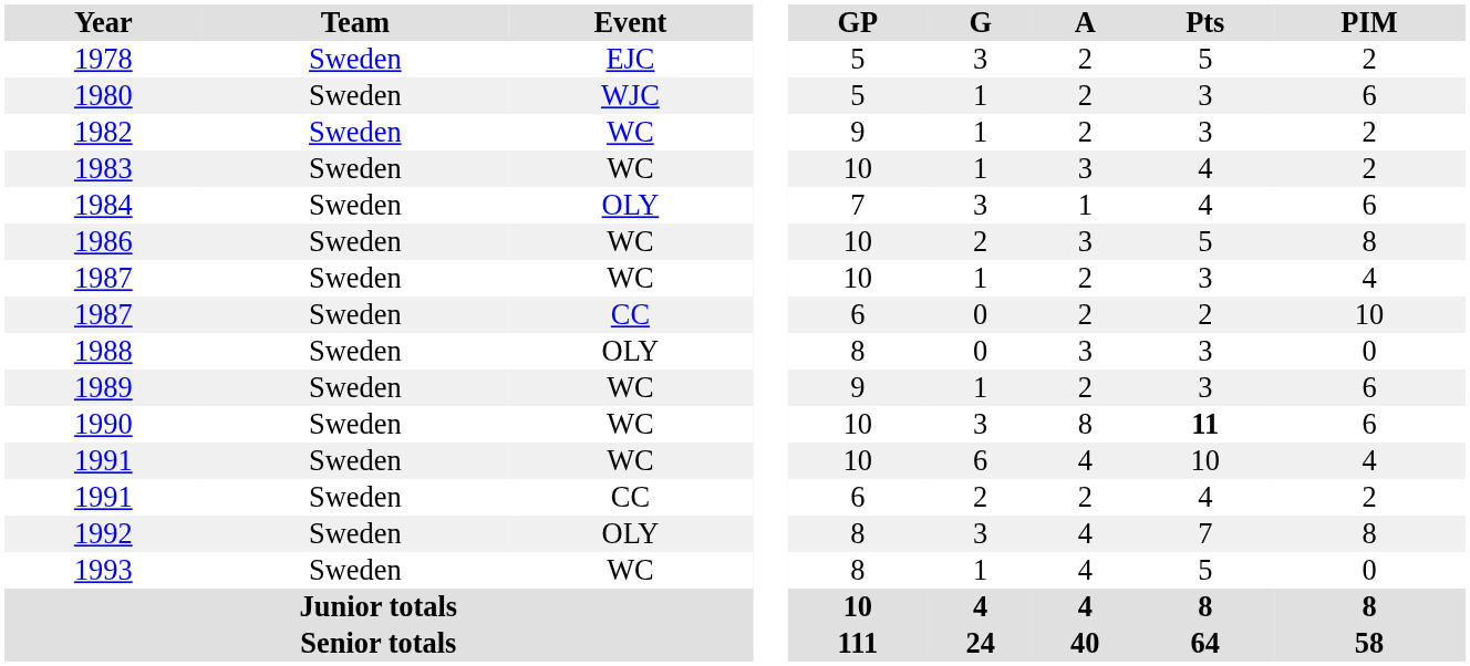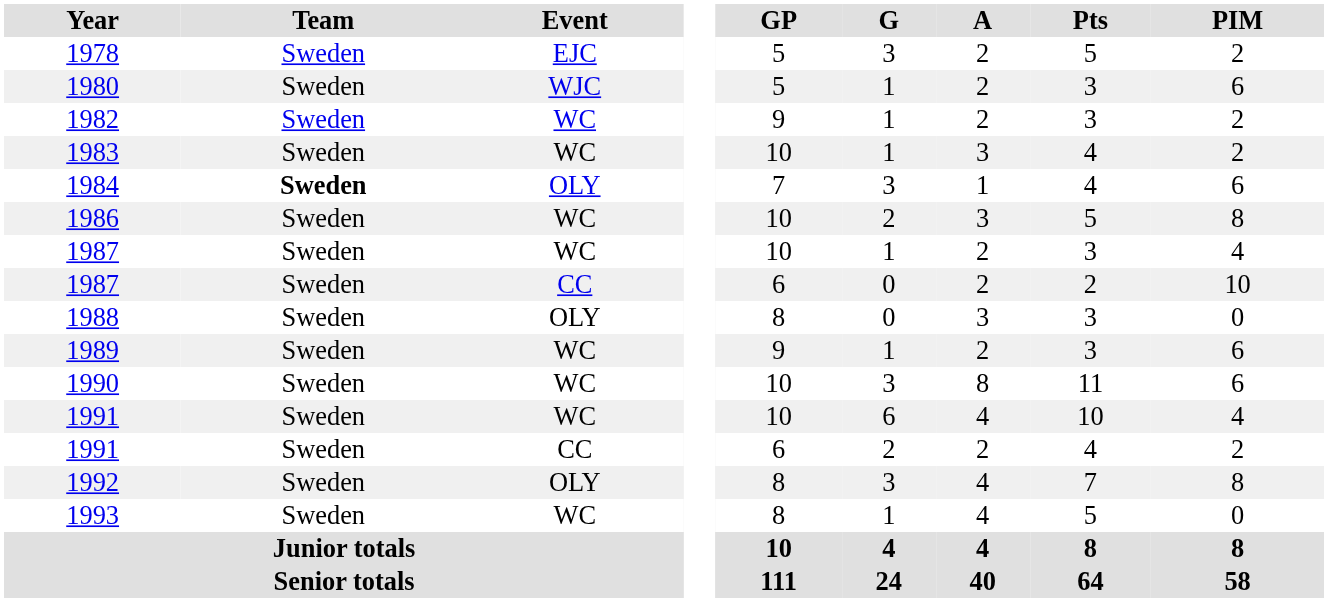 <table border="0" cellpadding="1" cellspacing="0" style="text-align:center; width:50em">
 <tr ALIGN="center" bgcolor="#e0e0e0">
 <th>Year</th>
 <th>Team</th>
 <th>Event</th>
 <th rowspan="99" bgcolor="#ffffff"> </th>
 <th>GP</th>
 <th>G</th>
 <th>A</th>
 <th>Pts</th>
 <th>PIM</th>
 </tr>
 <tr>
 <td><a href='#'>1978</a></td>
 <td><a href='#'>Sweden</a></td>
 <td><a href='#'>EJC</a></td>
 <td>5</td>
 <td>3</td>
 <td>2</td>
 <td>5</td>
 <td>2</td>
 </tr>
 <tr bgcolor="#f0f0f0">
 <td><a href='#'>1980</a></td>
 <td>Sweden</td>
 <td><a href='#'>WJC</a></td>
 <td>5</td>
 <td>1</td>
 <td>2</td>
 <td>3</td>
 <td>6</td>
 </tr>
 <tr>
 <td><a href='#'>1982</a></td>
 <td><a href='#'>Sweden</a></td>
 <td><a href='#'>WC</a></td>
 <td>9</td>
 <td>1</td>
 <td>2</td>
 <td>3</td>
 <td>2</td>
 </tr>
 <tr bgcolor="#f0f0f0">
 <td><a href='#'>1983</a></td>
 <td>Sweden</td>
 <td>WC</td>
 <td>10</td>
 <td>1</td>
 <td>3</td>
 <td>4</td>
 <td>2</td>
 </tr>
 <tr>
 <td><a href='#'>1984</a></td>
-<td>Sweden</td>
+<td><strong>Sweden</strong></td>
 <td><a href='#'>OLY</a></td>
 <td>7</td>
 <td>3</td>
 <td>1</td>
 <td>4</td>
 <td>6</td>
 </tr>
 <tr bgcolor="#f0f0f0">
 <td><a href='#'>1986</a></td>
 <td>Sweden</td>
 <td>WC</td>
 <td>10</td>
 <td>2</td>
 <td>3</td>
 <td>5</td>
 <td>8</td>
 </tr>
 <tr>
 <td><a href='#'>1987</a></td>
 <td>Sweden</td>
 <td>WC</td>
 <td>10</td>
 <td>1</td>
 <td>2</td>
 <td>3</td>
 <td>4</td>
 </tr>
 <tr bgcolor="#f0f0f0">
 <td><a href='#'>1987</a></td>
 <td>Sweden</td>
 <td><a href='#'>CC</a></td>
 <td>6</td>
 <td>0</td>
 <td>2</td>
 <td>2</td>
 <td>10</td>
 </tr>
 <tr>
 <td><a href='#'>1988</a></td>
 <td>Sweden</td>
 <td>OLY</td>
 <td>8</td>
 <td>0</td>
 <td>3</td>
 <td>3</td>
 <td>0</td>
 </tr>
 <tr bgcolor="#f0f0f0">
 <td><a href='#'>1989</a></td>
 <td>Sweden</td>
 <td>WC</td>
 <td>9</td>
 <td>1</td>
 <td>2</td>
 <td>3</td>
 <td>6</td>
 </tr>
 <tr>
 <td><a href='#'>1990</a></td>
 <td>Sweden</td>
 <td>WC</td>
 <td>10</td>
 <td>3</td>
 <td>8</td>
-<td><strong>11</strong></td>
+<td>11</td>
 <td>6</td>
 </tr>
 <tr bgcolor="#f0f0f0">
 <td><a href='#'>1991</a></td>
 <td>Sweden</td>
 <td>WC</td>
 <td>10</td>
 <td>6</td>
 <td>4</td>
 <td>10</td>
 <td>4</td>
 </tr>
 <tr>
 <td><a href='#'>1991</a></td>
 <td>Sweden</td>
 <td>CC</td>
 <td>6</td>
 <td>2</td>
 <td>2</td>
 <td>4</td>
 <td>2</td>
 </tr>
 <tr bgcolor="#f0f0f0">
 <td><a href='#'>1992</a></td>
 <td>Sweden</td>
 <td>OLY</td>
 <td>8</td>
 <td>3</td>
 <td>4</td>
 <td>7</td>
 <td>8</td>
 </tr>
 <tr>
 <td><a href='#'>1993</a></td>
 <td>Sweden</td>
 <td>WC</td>
 <td>8</td>
 <td>1</td>
 <td>4</td>
 <td>5</td>
 <td>0</td>
 </tr>
 <tr bgcolor="#e0e0e0">
 <th colspan=3>Junior totals</th>
 <th>10</th>
 <th>4</th>
 <th>4</th>
 <th>8</th>
 <th>8</th>
 </tr>
 <tr bgcolor="#e0e0e0">
 <th colspan=3>Senior totals</th>
 <th>111</th>
 <th>24</th>
 <th>40</th>
 <th>64</th>
 <th>58</th>
 </tr>
 </table>
